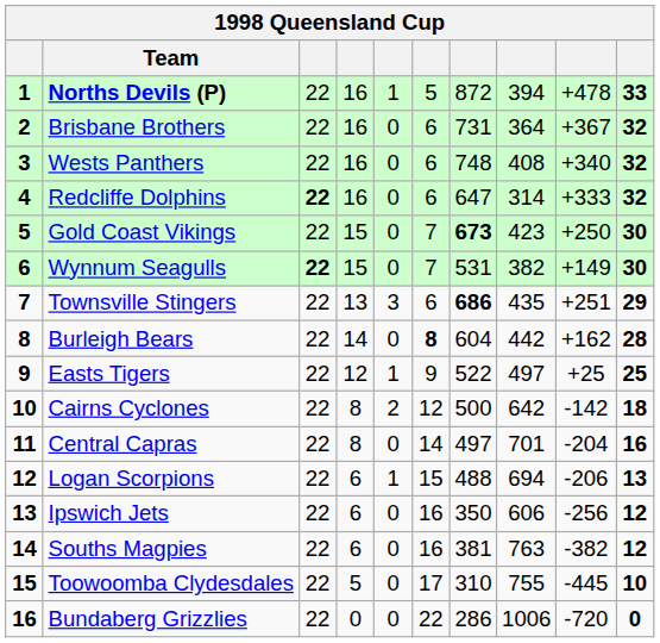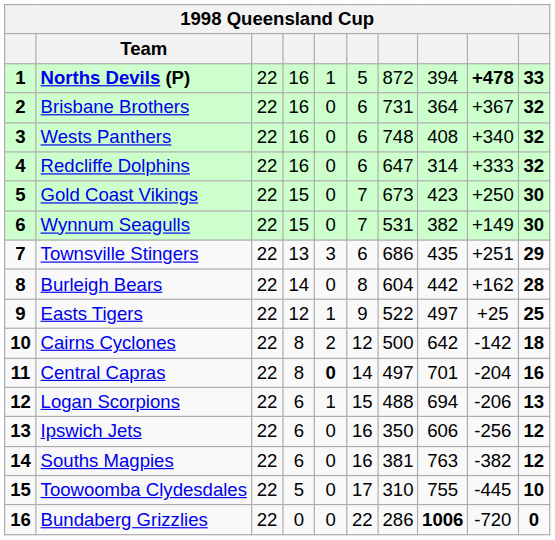 <table class="wikitable" style="text-align:center;">
 <tr>
 <th colspan="11">1998 Queensland Cup</th>
 </tr>
 <tr>
 <th width="20"></th>
 <th>Team</th>
 <th width="20"></th>
 <th width="20"></th>
 <th width="20"></th>
 <th width="20"></th>
 <th width="25"></th>
 <th width="25"></th>
 <th width="30"></th>
 <th width="20"></th>
 </tr>
 <tr style="background: #ccffcc;">
 <td><strong>1</strong></td>
 <td style="text-align:left;"> <strong><a href='#'>Norths Devils</a> (P)</strong></td>
 <td>22</td>
 <td>16</td>
 <td>1</td>
 <td>5</td>
 <td>872</td>
 <td>394</td>
-<td>+478</td>
+<td><strong>+478</strong></td>
 <td><strong>33</strong></td>
 </tr>
 <tr style="background: #ccffcc;">
 <td><strong>2</strong></td>
 <td style="text-align:left;"> <a href='#'>Brisbane Brothers</a></td>
 <td>22</td>
 <td>16</td>
 <td>0</td>
 <td>6</td>
 <td>731</td>
 <td>364</td>
 <td>+367</td>
 <td><strong>32</strong></td>
 </tr>
 <tr style="background: #ccffcc;">
 <td><strong>3</strong></td>
 <td style="text-align:left;"> <a href='#'>Wests Panthers</a></td>
 <td>22</td>
 <td>16</td>
 <td>0</td>
 <td>6</td>
 <td>748</td>
 <td>408</td>
 <td>+340</td>
 <td><strong>32</strong></td>
 </tr>
 <tr style="background: #ccffcc;">
 <td><strong>4</strong></td>
 <td style="text-align:left;"> <a href='#'>Redcliffe Dolphins</a></td>
-<td><strong>22</strong></td>
+<td>22</td>
 <td>16</td>
 <td>0</td>
 <td>6</td>
 <td>647</td>
 <td>314</td>
 <td>+333</td>
 <td><strong>32</strong></td>
 </tr>
 <tr style="background: #ccffcc;">
 <td><strong>5</strong></td>
 <td style="text-align:left;"> <a href='#'>Gold Coast Vikings</a></td>
 <td>22</td>
 <td>15</td>
 <td>0</td>
 <td>7</td>
-<td><strong>673</strong></td>
+<td>673</td>
 <td>423</td>
 <td>+250</td>
 <td><strong>30</strong></td>
 </tr>
 <tr style="background: #ccffcc;">
 <td><strong>6</strong></td>
 <td style="text-align:left;"> <a href='#'>Wynnum Seagulls</a></td>
-<td><strong>22</strong></td>
+<td>22</td>
 <td>15</td>
 <td>0</td>
 <td>7</td>
 <td>531</td>
 <td>382</td>
 <td>+149</td>
 <td><strong>30</strong></td>
 </tr>
 <tr style="background:">
 <td><strong>7</strong></td>
 <td style="text-align:left;"> <a href='#'>Townsville Stingers</a></td>
 <td>22</td>
 <td>13</td>
 <td>3</td>
 <td>6</td>
-<td><strong>686</strong></td>
+<td>686</td>
 <td>435</td>
 <td>+251</td>
 <td><strong>29</strong></td>
 </tr>
 <tr style="background:">
 <td><strong>8</strong></td>
 <td style="text-align:left;"> <a href='#'>Burleigh Bears</a></td>
 <td>22</td>
 <td>14</td>
 <td>0</td>
-<td><strong>8</strong></td>
+<td>8</td>
 <td>604</td>
 <td>442</td>
 <td>+162</td>
 <td><strong>28</strong></td>
 </tr>
 <tr style="background:">
 <td><strong>9</strong></td>
 <td style="text-align:left;"> <a href='#'>Easts Tigers</a></td>
 <td>22</td>
 <td>12</td>
 <td>1</td>
 <td>9</td>
 <td>522</td>
 <td>497</td>
 <td>+25</td>
 <td><strong>25</strong></td>
 </tr>
 <tr style="background:">
 <td><strong>10</strong></td>
 <td style="text-align:left;"> <a href='#'>Cairns Cyclones</a></td>
 <td>22</td>
 <td>8</td>
 <td>2</td>
 <td>12</td>
 <td>500</td>
 <td>642</td>
 <td>-142</td>
 <td><strong>18</strong></td>
 </tr>
 <tr style="background:">
 <td><strong>11</strong></td>
 <td style="text-align:left;"> <a href='#'>Central Capras</a></td>
 <td>22</td>
 <td>8</td>
-<td>0</td>
+<td><strong>0</strong></td>
 <td>14</td>
 <td>497</td>
 <td>701</td>
 <td>-204</td>
 <td><strong>16</strong></td>
 </tr>
 <tr style="background:">
 <td><strong>12</strong></td>
 <td style="text-align:left;"> <a href='#'>Logan Scorpions</a></td>
 <td>22</td>
 <td>6</td>
 <td>1</td>
 <td>15</td>
 <td>488</td>
 <td>694</td>
 <td>-206</td>
 <td><strong>13</strong></td>
 </tr>
 <tr style="background:">
 <td><strong>13</strong></td>
 <td style="text-align:left;"> <a href='#'>Ipswich Jets</a></td>
 <td>22</td>
 <td>6</td>
 <td>0</td>
 <td>16</td>
 <td>350</td>
 <td>606</td>
 <td>-256</td>
 <td><strong>12</strong></td>
 </tr>
 <tr style="background:">
 <td><strong>14</strong></td>
 <td style="text-align:left;"> <a href='#'>Souths Magpies</a></td>
 <td>22</td>
 <td>6</td>
 <td>0</td>
 <td>16</td>
 <td>381</td>
 <td>763</td>
 <td>-382</td>
 <td><strong>12</strong></td>
 </tr>
 <tr style="background:">
 <td><strong>15</strong></td>
 <td style="text-align:left;"> <a href='#'>Toowoomba Clydesdales</a></td>
 <td>22</td>
 <td>5</td>
 <td>0</td>
 <td>17</td>
 <td>310</td>
 <td>755</td>
 <td>-445</td>
 <td><strong>10</strong></td>
 </tr>
 <tr style="background:">
 <td><strong>16</strong></td>
 <td style="text-align:left;"> <a href='#'>Bundaberg Grizzlies</a></td>
 <td>22</td>
 <td>0</td>
 <td>0</td>
 <td>22</td>
 <td>286</td>
-<td>1006</td>
+<td><strong>1006</strong></td>
 <td>-720</td>
 <td><strong>0</strong></td>
 </tr>
 </table>
